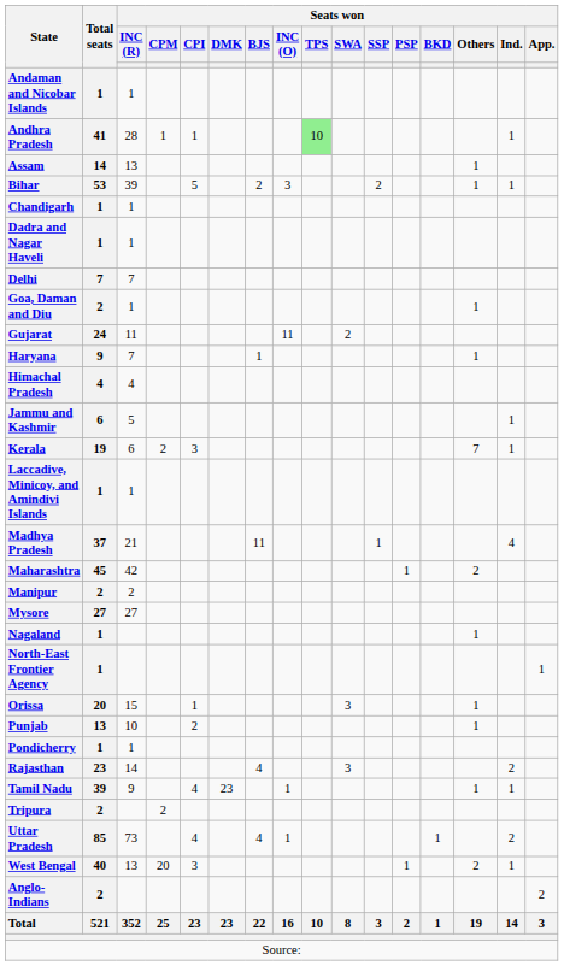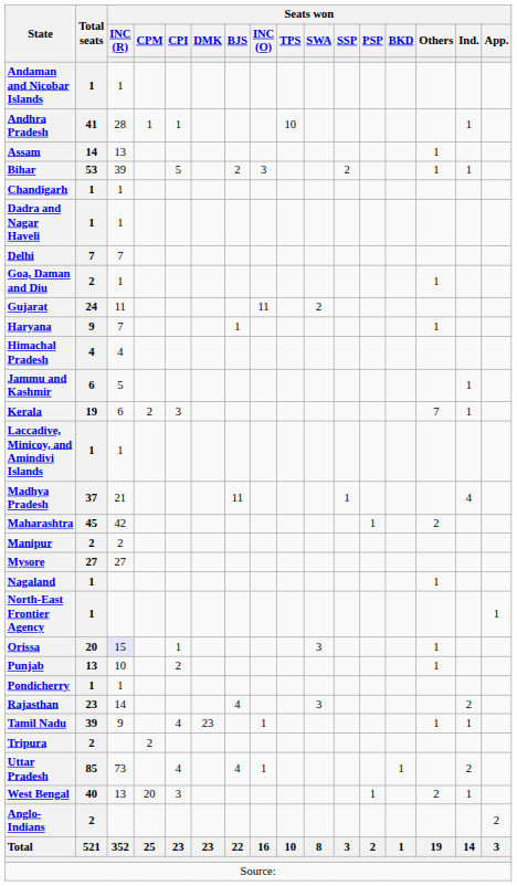 <table class=wikitable style="text-align:center; font-size: 0.9em;">
 <tr>
 <th rowspan="3">State</th>
 <th rowspan="3">Total<br>seats</th>
 <th colspan="14">Seats won</th>
 </tr>
 <tr>
 <th class="unsortable" style="width:45px;"><a href='#'>INC (R)</a></th>
 <th class="unsortable" style="width:45px;"><a href='#'>CPM</a></th>
 <th class="unsortable" style="width:45px;"><a href='#'>CPI</a></th>
 <th class="unsortable" style="width:45px;"><a href='#'>DMK</a></th>
 <th class="unsortable" style="width:45px;"><a href='#'>BJS</a></th>
 <th class="unsortable" style="width:45px;"><a href='#'>INC (O)</a></th>
 <th class="unsortable" style="width:45px;"><a href='#'>TPS</a></th>
 <th class="unsortable" style="width:45px;"><a href='#'>SWA</a></th>
 <th class="unsortable" style="width:45px;"><a href='#'>SSP</a></th>
 <th class="unsortable" style="width:45px;"><a href='#'>PSP</a></th>
 <th class="unsortable" style="width:45px;"><a href='#'>BKD</a></th>
 <th class="unsortable" style="width:45px;">Others</th>
 <th class="unsortable" style="width:45px;">Ind.</th>
 <th class="unsortable" style="width:45px;">App.</th>
 </tr>
 <tr>
 <th style="background:"></th>
 <th style="background:"></th>
 <th style="background:"></th>
 <th style="background:"></th>
 <th style="background:"></th>
 <th style="background:"></th>
 <th style="background:"></th>
 <th style="background:"></th>
 <th style="background:"></th>
 <th style="background:"></th>
 <th style="background:"></th>
 <th style="background:"></th>
 <th style="background:"></th>
 <th></th>
 </tr>
 <tr>
 <th style="text-align: left;"><a href='#'>Andaman and Nicobar Islands</a></th>
 <th>1</th>
 <td>1</td>
 <td></td>
 <td></td>
 <td></td>
 <td></td>
 <td></td>
 <td></td>
 <td></td>
 <td></td>
 <td></td>
 <td></td>
 <td></td>
 <td></td>
 <td></td>
 </tr>
 <tr>
 <th style="text-align: left;"><a href='#'>Andhra Pradesh</a></th>
 <th>41</th>
 <td>28</td>
 <td>1</td>
 <td>1</td>
 <td></td>
 <td></td>
 <td></td>
-<td style="background: lightgreen;">10</td>
+<td>10</td>
 <td></td>
 <td></td>
 <td></td>
 <td></td>
 <td></td>
 <td>1</td>
 <td></td>
 </tr>
 <tr>
 <th style="text-align: left;"><a href='#'>Assam</a></th>
 <th>14</th>
 <td>13</td>
 <td></td>
 <td></td>
 <td></td>
 <td></td>
 <td></td>
 <td></td>
 <td></td>
 <td></td>
 <td></td>
 <td></td>
 <td>1</td>
 <td></td>
 <td></td>
 </tr>
 <tr>
 <th style="text-align: left;"><a href='#'>Bihar</a></th>
 <th>53</th>
 <td>39</td>
 <td></td>
 <td>5</td>
 <td></td>
 <td>2</td>
 <td>3</td>
 <td></td>
 <td></td>
 <td>2</td>
 <td></td>
 <td></td>
 <td>1</td>
 <td>1</td>
 <td></td>
 </tr>
 <tr>
 <th style="text-align: left;"><a href='#'>Chandigarh</a></th>
 <th>1</th>
 <td>1</td>
 <td></td>
 <td></td>
 <td></td>
 <td></td>
 <td></td>
 <td></td>
 <td></td>
 <td></td>
 <td></td>
 <td></td>
 <td></td>
 <td></td>
 <td></td>
 </tr>
 <tr>
 <th style="text-align: left;"><a href='#'>Dadra and Nagar Haveli</a></th>
 <th>1</th>
 <td>1</td>
 <td></td>
 <td></td>
 <td></td>
 <td></td>
 <td></td>
 <td></td>
 <td></td>
 <td></td>
 <td></td>
 <td></td>
 <td></td>
 <td></td>
 <td></td>
 </tr>
 <tr>
 <th style="text-align: left;"><a href='#'>Delhi</a></th>
 <th>7</th>
 <td>7</td>
 <td></td>
 <td></td>
 <td></td>
 <td></td>
 <td></td>
 <td></td>
 <td></td>
 <td></td>
 <td></td>
 <td></td>
 <td></td>
 <td></td>
 <td></td>
 </tr>
 <tr>
 <th style="text-align: left;"><a href='#'>Goa, Daman and Diu</a></th>
 <th>2</th>
 <td>1</td>
 <td></td>
 <td></td>
 <td></td>
 <td></td>
 <td></td>
 <td></td>
 <td></td>
 <td></td>
 <td></td>
 <td></td>
 <td>1</td>
 <td></td>
 <td></td>
 </tr>
 <tr>
 <th style="text-align: left;"><a href='#'>Gujarat</a></th>
 <th>24</th>
 <td>11</td>
 <td></td>
 <td></td>
 <td></td>
 <td></td>
 <td>11</td>
 <td></td>
 <td>2</td>
 <td></td>
 <td></td>
 <td></td>
 <td></td>
 <td></td>
 <td></td>
 </tr>
 <tr>
 <th style="text-align: left;"><a href='#'>Haryana</a></th>
 <th>9</th>
 <td>7</td>
 <td></td>
 <td></td>
 <td></td>
 <td>1</td>
 <td></td>
 <td></td>
 <td></td>
 <td></td>
 <td></td>
 <td></td>
 <td>1</td>
 <td></td>
 <td></td>
 </tr>
 <tr>
 <th style="text-align: left;"><a href='#'>Himachal Pradesh</a></th>
 <th>4</th>
 <td>4</td>
 <td></td>
 <td></td>
 <td></td>
 <td></td>
 <td></td>
 <td></td>
 <td></td>
 <td></td>
 <td></td>
 <td></td>
 <td></td>
 <td></td>
 <td></td>
 </tr>
 <tr>
 <th style="text-align: left;"><a href='#'>Jammu and Kashmir</a></th>
 <th>6</th>
 <td>5</td>
 <td></td>
 <td></td>
 <td></td>
 <td></td>
 <td></td>
 <td></td>
 <td></td>
 <td></td>
 <td></td>
 <td></td>
 <td></td>
 <td>1</td>
 <td></td>
 </tr>
 <tr>
 <th style="text-align: left;"><a href='#'>Kerala</a></th>
 <th>19</th>
 <td>6</td>
 <td>2</td>
 <td>3</td>
 <td></td>
 <td></td>
 <td></td>
 <td></td>
 <td></td>
 <td></td>
 <td></td>
 <td></td>
 <td>7</td>
 <td>1</td>
 <td></td>
 </tr>
 <tr>
 <th style="text-align: left;"><a href='#'>Laccadive, Minicoy, and Amindivi Islands</a></th>
 <th>1</th>
 <td>1</td>
 <td></td>
 <td></td>
 <td></td>
 <td></td>
 <td></td>
 <td></td>
 <td></td>
 <td></td>
 <td></td>
 <td></td>
 <td></td>
 <td></td>
 <td></td>
 </tr>
 <tr>
 <th style="text-align: left;"><a href='#'>Madhya Pradesh</a></th>
 <th>37</th>
 <td>21</td>
 <td></td>
 <td></td>
 <td></td>
 <td>11</td>
 <td></td>
 <td></td>
 <td></td>
 <td>1</td>
 <td></td>
 <td></td>
 <td></td>
 <td>4</td>
 <td></td>
 </tr>
 <tr>
 <th style="text-align: left;"><a href='#'>Maharashtra</a></th>
 <th>45</th>
 <td>42</td>
 <td></td>
 <td></td>
 <td></td>
 <td></td>
 <td></td>
 <td></td>
 <td></td>
 <td></td>
 <td>1</td>
 <td></td>
 <td>2</td>
 <td></td>
 <td></td>
 </tr>
 <tr>
 <th style="text-align: left;"><a href='#'>Manipur</a></th>
 <th>2</th>
 <td>2</td>
 <td></td>
 <td></td>
 <td></td>
 <td></td>
 <td></td>
 <td></td>
 <td></td>
 <td></td>
 <td></td>
 <td></td>
 <td></td>
 <td></td>
 <td></td>
 </tr>
 <tr>
 <th style="text-align: left;"><a href='#'>Mysore</a></th>
 <th>27</th>
 <td>27</td>
 <td></td>
 <td></td>
 <td></td>
 <td></td>
 <td></td>
 <td></td>
 <td></td>
 <td></td>
 <td></td>
 <td></td>
 <td></td>
 <td></td>
 <td></td>
 </tr>
 <tr>
 <th style="text-align: left;"><a href='#'>Nagaland</a></th>
 <th>1</th>
 <td></td>
 <td></td>
 <td></td>
 <td></td>
 <td></td>
 <td></td>
 <td></td>
 <td></td>
 <td></td>
 <td></td>
 <td></td>
 <td>1</td>
 <td></td>
 <td></td>
 </tr>
 <tr>
 <th style="text-align: left;"><a href='#'>North-East Frontier Agency</a></th>
 <th>1</th>
 <td></td>
 <td></td>
 <td></td>
 <td></td>
 <td></td>
 <td></td>
 <td></td>
 <td></td>
 <td></td>
 <td></td>
 <td></td>
 <td></td>
 <td></td>
 <td>1</td>
 </tr>
 <tr>
 <th style="text-align: left;"><a href='#'>Orissa</a></th>
 <th>20</th>
-<td>15</td>
+<td style="background: lavender;">15</td>
 <td></td>
 <td>1</td>
 <td></td>
 <td></td>
 <td></td>
 <td></td>
 <td>3</td>
 <td></td>
 <td></td>
 <td></td>
 <td>1</td>
 <td></td>
 <td></td>
 </tr>
 <tr>
 <th style="text-align: left;"><a href='#'>Punjab</a></th>
 <th>13</th>
 <td>10</td>
 <td></td>
 <td>2</td>
 <td></td>
 <td></td>
 <td></td>
 <td></td>
 <td></td>
 <td></td>
 <td></td>
 <td></td>
 <td>1</td>
 <td></td>
 <td></td>
 </tr>
 <tr>
 <th style="text-align: left;"><a href='#'>Pondicherry</a></th>
 <th>1</th>
 <td>1</td>
 <td></td>
 <td></td>
 <td></td>
 <td></td>
 <td></td>
 <td></td>
 <td></td>
 <td></td>
 <td></td>
 <td></td>
 <td></td>
 <td></td>
 <td></td>
 </tr>
 <tr>
 <th style="text-align: left;"><a href='#'>Rajasthan</a></th>
 <th>23</th>
 <td>14</td>
 <td></td>
 <td></td>
 <td></td>
 <td>4</td>
 <td></td>
 <td></td>
 <td>3</td>
 <td></td>
 <td></td>
 <td></td>
 <td></td>
 <td>2</td>
 <td></td>
 </tr>
 <tr>
 <th style="text-align: left;"><a href='#'>Tamil Nadu</a></th>
 <th>39</th>
 <td>9</td>
 <td></td>
 <td>4</td>
 <td>23</td>
 <td></td>
 <td>1</td>
 <td></td>
 <td></td>
 <td></td>
 <td></td>
 <td></td>
 <td>1</td>
 <td>1</td>
 <td></td>
 </tr>
 <tr>
 <th style="text-align: left;"><a href='#'>Tripura</a></th>
 <th>2</th>
 <td></td>
 <td>2</td>
 <td></td>
 <td></td>
 <td></td>
 <td></td>
 <td></td>
 <td></td>
 <td></td>
 <td></td>
 <td></td>
 <td></td>
 <td></td>
 <td></td>
 </tr>
 <tr>
 <th style="text-align: left;"><a href='#'>Uttar Pradesh</a></th>
 <th>85</th>
 <td>73</td>
 <td></td>
 <td>4</td>
 <td></td>
 <td>4</td>
 <td>1</td>
 <td></td>
 <td></td>
 <td></td>
 <td></td>
 <td>1</td>
 <td></td>
 <td>2</td>
 <td></td>
 </tr>
 <tr>
 <th style="text-align: left;"><a href='#'>West Bengal</a></th>
 <th>40</th>
 <td>13</td>
 <td>20</td>
 <td>3</td>
 <td></td>
 <td></td>
 <td></td>
 <td></td>
 <td></td>
 <td></td>
 <td>1</td>
 <td></td>
 <td>2</td>
 <td>1</td>
 <td></td>
 </tr>
 <tr>
 <th style="text-align: left;"><a href='#'>Anglo-Indians</a></th>
 <th>2</th>
 <td></td>
 <td></td>
 <td></td>
 <td></td>
 <td></td>
 <td></td>
 <td></td>
 <td></td>
 <td></td>
 <td></td>
 <td></td>
 <td></td>
 <td></td>
 <td>2</td>
 </tr>
 <tr>
 <th style="text-align: left;">Total</th>
 <th>521</th>
 <th>352</th>
 <th>25</th>
 <th>23</th>
 <th>23</th>
 <th>22</th>
 <th>16</th>
 <th>10</th>
 <th>8</th>
 <th>3</th>
 <th>2</th>
 <th>1</th>
 <th>19</th>
 <th>14</th>
 <th>3</th>
 </tr>
 <tr>
 <th colspan="16"></th>
 </tr>
 <tr>
 <td colspan="16">Source: </td>
 </tr>
 </table>
